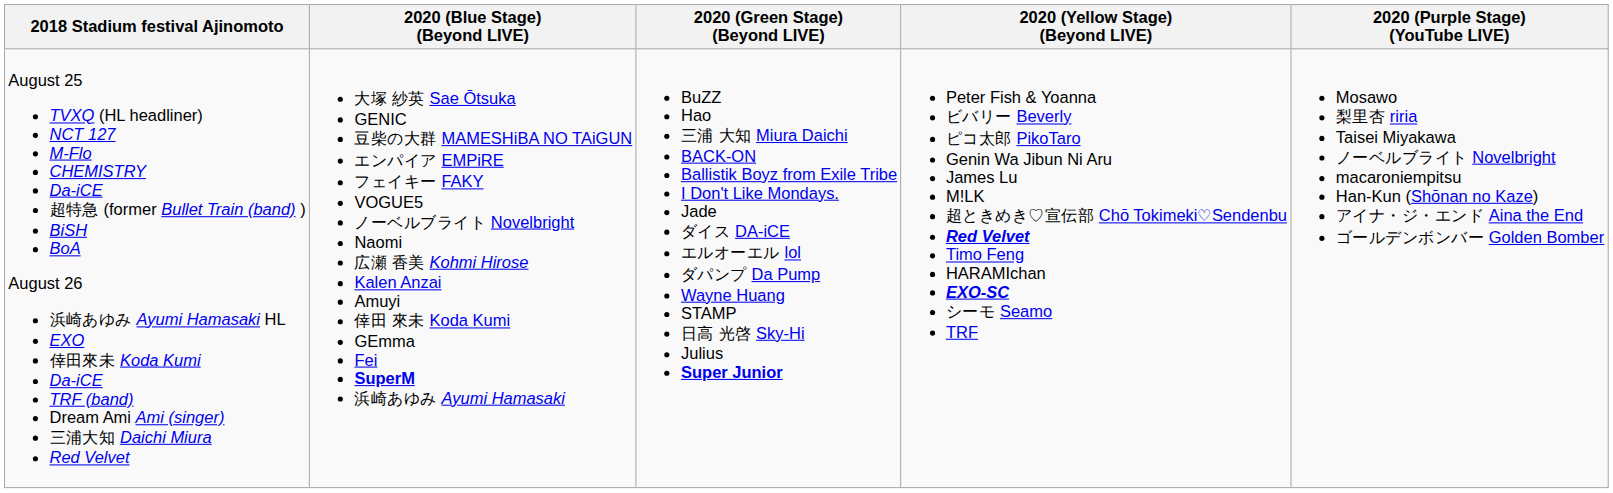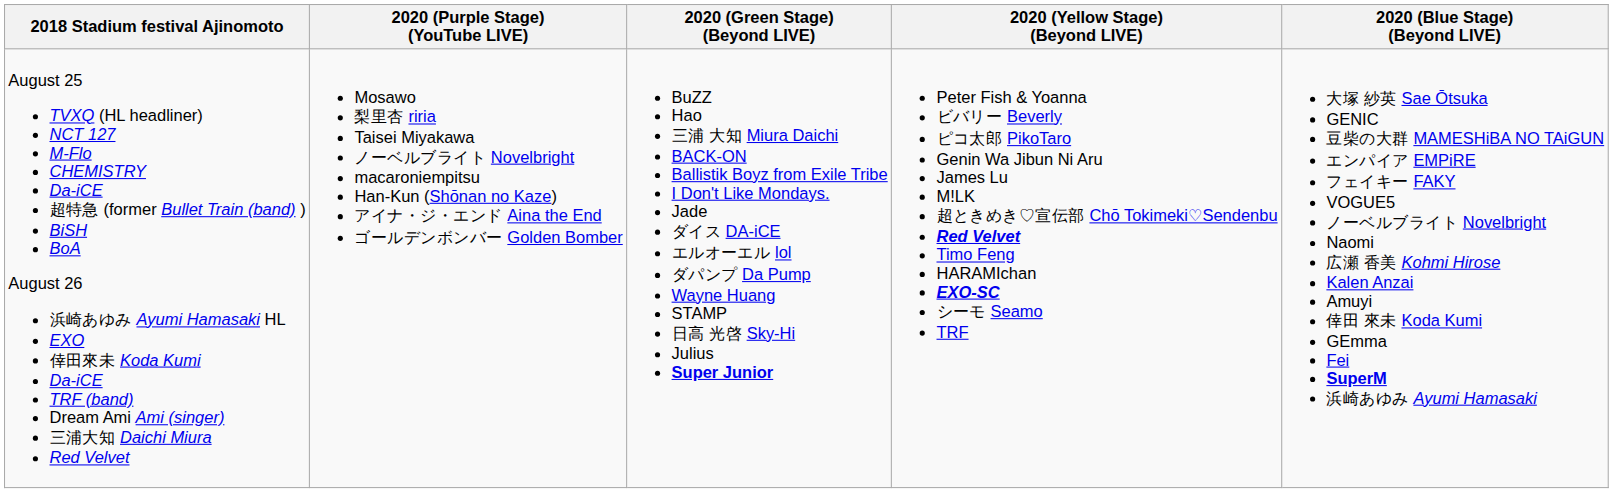 <table class="wikitable">
 <tr>
 <th>2018 Stadium festival Ajinomoto</th>
-<th>2020 (Blue Stage)<br>(Beyond LIVE)</th>
+<th>2020 (Purple Stage)<br>(YouTube LIVE)</th>
 <th>2020 (Green Stage)<br>(Beyond LIVE)</th>
 <th>2020 (Yellow Stage)<br>(Beyond LIVE)</th>
-<th>2020 (Purple Stage)<br>(YouTube LIVE)</th>
+<th>2020 (Blue Stage)<br>(Beyond LIVE)</th>
 </tr>
 <tr valign="top">
 <td><br>August 25<ul><li><em><a href='#'>TVXQ</a></em> (HL headliner)</li><li><em><a href='#'>NCT 127</a></em></li><li><em><a href='#'>M-Flo</a></em></li><li><em><a href='#'>CHEMISTRY</a></em></li><li><em><a href='#'>Da-iCE</a></em></li><li>超特急 (former <em><a href='#'>Bullet Train (band)</a></em> )</li><li><em><a href='#'>BiSH</a></em></li><li><em><a href='#'>BoA</a></em></li></ul>August 26<ul><li>浜崎あゆみ <em><a href='#'>Ayumi Hamasaki</a></em> HL</li><li><em><a href='#'>EXO</a></em></li><li>倖田來未 <em><a href='#'>Koda Kumi</a></em></li><li><em><a href='#'>Da-iCE</a></em></li><li><em><a href='#'>TRF (band)</a></em></li><li>Dream Ami <em><a href='#'>Ami (singer)</a></em></li><li>三浦大知 <em><a href='#'>Daichi Miura</a></em></li><li><em><a href='#'>Red Velvet</a></em></li></ul></td>
-<td><br><ul><li>大塚 紗英 <a href='#'>Sae Ōtsuka</a></li><li>GENIC</li><li>豆柴の大群 <a href='#'>MAMESHiBA NO TAiGUN</a></li><li>エンパイア <a href='#'>EMPiRE</a></li><li>フェイキー <a href='#'>FAKY</a></li><li>VOGUE5</li><li>ノーベルブライト <a href='#'>Novelbright</a></li><li>Naomi</li><li>広瀬 香美 <em><a href='#'>Kohmi Hirose</a></em></li><li><a href='#'>Kalen Anzai</a></li><li>Amuyi</li><li>倖田 來未 <a href='#'>Koda Kumi</a></li><li>GEmma</li><li><a href='#'>Fei</a></li><li><strong><a href='#'>SuperM</a></strong></li><li>浜崎あゆみ <em><a href='#'>Ayumi Hamasaki</a></em></li></ul></td>
+<td><br><ul><li>Mosawo</li><li>梨里杏 <a href='#'>riria</a></li><li>Taisei Miyakawa</li><li>ノーベルブライト <a href='#'>Novelbright</a></li><li>macaroniempitsu</li><li>Han-Kun (<a href='#'>Shōnan no Kaze</a>)</li><li>アイナ・ジ・エンド <a href='#'>Aina the End</a></li><li>ゴールデンボンバー <a href='#'>Golden Bomber</a></li></ul></td>
 <td><br><ul><li>BuZZ</li><li>Hao</li><li>三浦 大知 <a href='#'>Miura Daichi</a></li><li><a href='#'>BACK-ON</a></li><li><a href='#'>Ballistik Boyz from Exile Tribe</a></li><li><a href='#'>I Don't Like Mondays.</a></li><li>Jade</li><li>ダイス <a href='#'>DA-iCE</a></li><li>エルオーエル <a href='#'>lol</a></li><li>ダパンプ <a href='#'>Da Pump</a></li><li><a href='#'>Wayne Huang</a></li><li>STAMP</li><li>日高 光啓 <a href='#'>Sky-Hi</a></li><li>Julius</li><li><strong><a href='#'>Super Junior</a></strong></li></ul></td>
 <td><br><ul><li>Peter Fish & Yoanna</li><li>ビバリー <a href='#'>Beverly</a></li><li>ピコ太郎 <a href='#'>PikoTaro</a></li><li>Genin Wa Jibun Ni Aru</li><li>James Lu</li><li>M!LK</li><li>超ときめき♡宣伝部 <a href='#'>Chō Tokimeki♡Sendenbu</a></li><li><strong><em><a href='#'>Red Velvet</a></em></strong></li><li><a href='#'>Timo Feng</a></li><li>HARAMIchan</li><li><strong><em><a href='#'>EXO-SC</a></em></strong></li><li>シーモ <a href='#'>Seamo</a></li><li><a href='#'>TRF</a></li></ul></td>
-<td><br><ul><li>Mosawo</li><li>梨里杏 <a href='#'>riria</a></li><li>Taisei Miyakawa</li><li>ノーベルブライト <a href='#'>Novelbright</a></li><li>macaroniempitsu</li><li>Han-Kun (<a href='#'>Shōnan no Kaze</a>)</li><li>アイナ・ジ・エンド <a href='#'>Aina the End</a></li><li>ゴールデンボンバー <a href='#'>Golden Bomber</a></li></ul></td>
+<td><br><ul><li>大塚 紗英 <a href='#'>Sae Ōtsuka</a></li><li>GENIC</li><li>豆柴の大群 <a href='#'>MAMESHiBA NO TAiGUN</a></li><li>エンパイア <a href='#'>EMPiRE</a></li><li>フェイキー <a href='#'>FAKY</a></li><li>VOGUE5</li><li>ノーベルブライト <a href='#'>Novelbright</a></li><li>Naomi</li><li>広瀬 香美 <em><a href='#'>Kohmi Hirose</a></em></li><li><a href='#'>Kalen Anzai</a></li><li>Amuyi</li><li>倖田 來未 <a href='#'>Koda Kumi</a></li><li>GEmma</li><li><a href='#'>Fei</a></li><li><strong><a href='#'>SuperM</a></strong></li><li>浜崎あゆみ <em><a href='#'>Ayumi Hamasaki</a></em></li></ul></td>
 </tr>
 </table>
